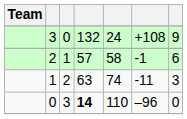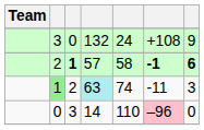 <table class="wikitable">
 <tr>
 <th>Team</th>
 <th></th>
 <th></th>
 <th></th>
 <th></th>
 <th></th>
 <th></th>
 </tr>
 <tr>
 </tr>
 <tr bgcolor=#cfc>
 <td></td>
 <td>3</td>
 <td>0</td>
 <td>132</td>
 <td>24</td>
 <td>+108</td>
 <td>9</td>
 </tr>
 <tr>
 </tr>
 <tr bgcolor=#cfc>
 <td></td>
 <td>2</td>
-<td>1</td>
+<td><strong>1</strong></td>
 <td>57</td>
 <td>58</td>
-<td>-1</td>
-<td>6</td>
+<td><strong>-1</strong></td>
+<td><strong>6</strong></td>
 </tr>
 <tr>
 <td></td>
-<td>1</td>
+<td style="background: lightgreen;">1</td>
 <td>2</td>
-<td>63</td>
+<td style="background: paleturquoise;">63</td>
 <td>74</td>
 <td>-11</td>
 <td>3</td>
 </tr>
 <tr>
 <td></td>
 <td>0</td>
 <td>3</td>
-<td><strong>14</strong></td>
+<td>14</td>
 <td>110</td>
-<td>–96</td>
+<td style="background: pink;">–96</td>
 <td>0</td>
 </tr>
 <tr>
 </tr>
 </table>
